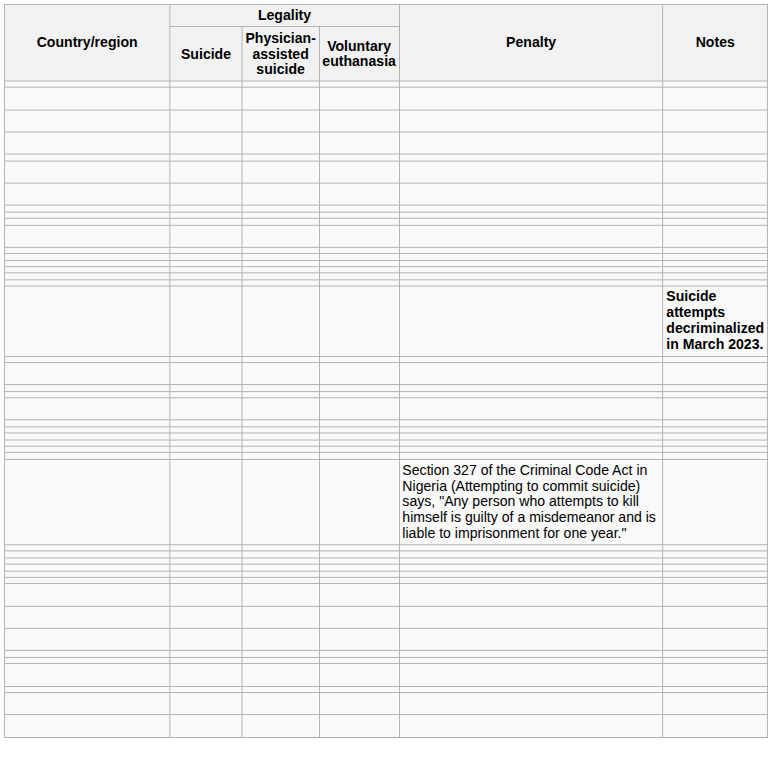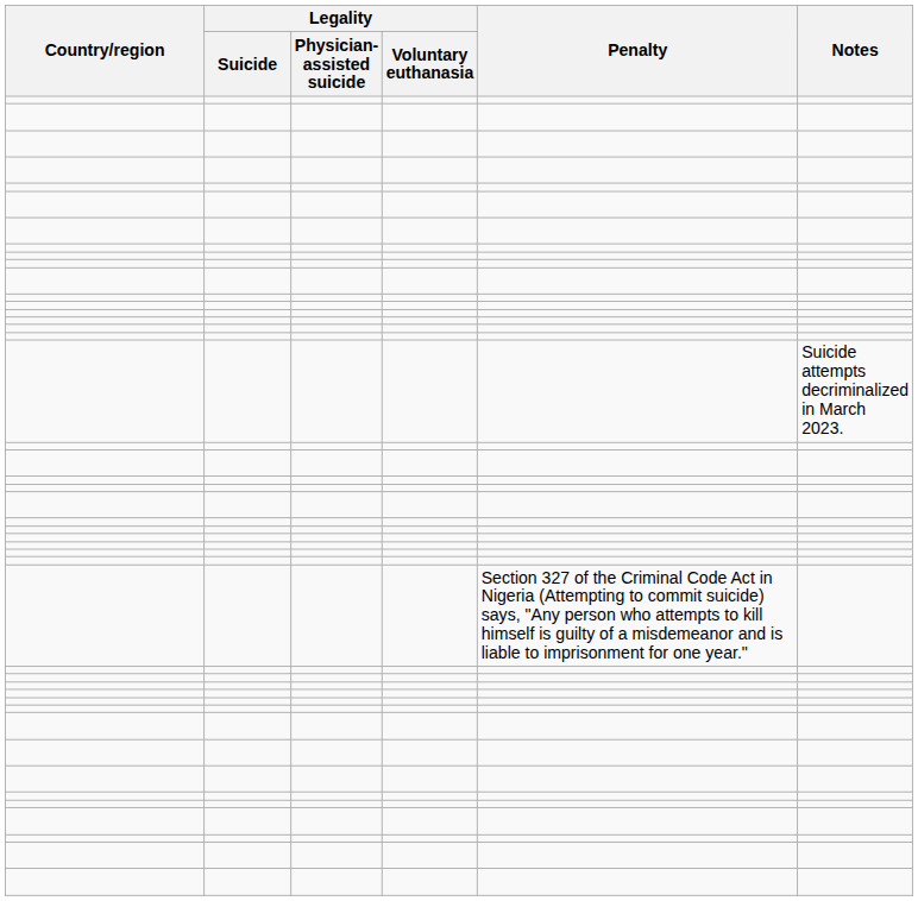 <table class="wikitable">
 <tr>
 <th rowspan=2 width=200pt>Country/region</th>
 <th colspan=3>Legality</th>
 <th rowspan=2 width=350pt>Penalty</th>
 <th rowspan=2>Notes</th>
 </tr>
 <tr>
 <th width=80pt>Suicide</th>
 <th width=80pt>Physician-assisted suicide</th>
 <th width=80pt>Voluntary euthanasia</th>
 </tr>
 <tr>
 <td></td>
 <td></td>
 <td></td>
 <td></td>
 <td></td>
 <td></td>
 </tr>
 <tr>
 <td></td>
 <td></td>
 <td></td>
 <td></td>
 <td><br></td>
 <td></td>
 </tr>
 <tr>
 <td></td>
 <td></td>
 <td></td>
 <td></td>
 <td><br> </td>
 <td></td>
 </tr>
 <tr>
 <td></td>
 <td></td>
 <td></td>
 <td></td>
 <td><br></td>
 <td></td>
 </tr>
 <tr>
 <td></td>
 <td></td>
 <td></td>
 <td></td>
 <td></td>
 <td></td>
 </tr>
 <tr>
 <td></td>
 <td></td>
 <td></td>
 <td></td>
 <td><br></td>
 <td></td>
 </tr>
 <tr>
 <td></td>
 <td></td>
 <td></td>
 <td></td>
 <td><br></td>
 <td></td>
 </tr>
 <tr>
 <td></td>
 <td></td>
 <td></td>
 <td></td>
 <td></td>
 <td></td>
 </tr>
 <tr>
 <td></td>
 <td></td>
 <td></td>
 <td></td>
 <td></td>
 <td></td>
 </tr>
 <tr>
 <td></td>
 <td></td>
 <td></td>
 <td></td>
 <td></td>
 <td></td>
 </tr>
 <tr>
 <td></td>
 <td></td>
 <td></td>
 <td></td>
 <td><br></td>
 <td></td>
 </tr>
 <tr>
 <td></td>
 <td></td>
 <td></td>
 <td></td>
 <td></td>
 <td></td>
 </tr>
 <tr>
 <td></td>
 <td></td>
 <td></td>
 <td></td>
 <td></td>
 <td></td>
 </tr>
 <tr>
 <td></td>
 <td></td>
 <td></td>
 <td></td>
 <td></td>
 <td></td>
 </tr>
 <tr>
 <td></td>
 <td></td>
 <td></td>
 <td></td>
 <td></td>
 <td></td>
 </tr>
 <tr>
 <td></td>
 <td></td>
 <td></td>
 <td></td>
 <td></td>
 <td></td>
 </tr>
 <tr>
 <td></td>
 <td></td>
 <td></td>
 <td></td>
 <td></td>
 <td></td>
 </tr>
 <tr>
 <td></td>
 <td></td>
 <td></td>
 <td></td>
 <td></td>
-<td><strong>Suicide attempts decriminalized in March 2023.</strong></td>
+<td>Suicide attempts decriminalized in March 2023.</td>
 </tr>
 <tr>
 <td></td>
 <td></td>
 <td></td>
 <td></td>
 <td></td>
 <td></td>
 </tr>
 <tr>
 <td></td>
 <td></td>
 <td></td>
 <td></td>
 <td><br>  </td>
 <td></td>
 </tr>
 <tr>
 <td></td>
 <td></td>
 <td></td>
 <td></td>
 <td></td>
 <td></td>
 </tr>
 <tr>
 <td></td>
 <td></td>
 <td></td>
 <td></td>
 <td></td>
 <td></td>
 </tr>
 <tr>
 <td></td>
 <td></td>
 <td></td>
 <td></td>
 <td><br></td>
 <td></td>
 </tr>
 <tr>
 <td></td>
 <td></td>
 <td></td>
 <td></td>
 <td></td>
 <td></td>
 </tr>
 <tr>
 <td></td>
 <td></td>
 <td></td>
 <td></td>
 <td></td>
 <td></td>
 </tr>
 <tr>
 <td></td>
 <td></td>
 <td></td>
 <td></td>
 <td></td>
 <td></td>
 </tr>
 <tr>
 <td></td>
 <td></td>
 <td></td>
 <td></td>
 <td></td>
 <td></td>
 </tr>
 <tr>
 <td></td>
 <td></td>
 <td></td>
 <td></td>
 <td></td>
 <td></td>
 </tr>
 <tr>
 <td></td>
 <td></td>
 <td></td>
 <td></td>
 <td></td>
 <td></td>
 </tr>
 <tr>
 <td></td>
 <td></td>
 <td></td>
 <td></td>
 <td>Section 327 of the Criminal Code Act in Nigeria (Attempting to commit suicide) says, "Any person who attempts to kill himself is guilty of a misdemeanor and is liable to imprisonment for one year."</td>
 <td></td>
 </tr>
 <tr>
 <td></td>
 <td></td>
 <td></td>
 <td></td>
 <td></td>
 <td></td>
 </tr>
 <tr>
 <td></td>
 <td></td>
 <td></td>
 <td></td>
 <td></td>
 <td></td>
 </tr>
 <tr>
 <td></td>
 <td></td>
 <td></td>
 <td></td>
 <td></td>
 <td></td>
 </tr>
 <tr>
 <td></td>
 <td></td>
 <td></td>
 <td></td>
 <td></td>
 <td></td>
 </tr>
 <tr>
 <td></td>
 <td></td>
 <td></td>
 <td></td>
 <td></td>
 <td></td>
 </tr>
 <tr>
 <td></td>
 <td></td>
 <td></td>
 <td></td>
 <td></td>
 <td></td>
 </tr>
 <tr>
 <td></td>
 <td></td>
 <td></td>
 <td></td>
 <td><br>  </td>
 <td></td>
 </tr>
 <tr>
 <td></td>
 <td></td>
 <td></td>
 <td></td>
 <td><br></td>
 <td></td>
 </tr>
 <tr>
 <td></td>
 <td></td>
 <td></td>
 <td></td>
 <td><br> </td>
 <td></td>
 </tr>
 <tr>
 <td></td>
 <td></td>
 <td></td>
 <td></td>
 <td></td>
 <td></td>
 </tr>
 <tr>
 <td></td>
 <td></td>
 <td></td>
 <td></td>
 <td></td>
 <td></td>
 </tr>
 <tr>
 <td></td>
 <td></td>
 <td></td>
 <td></td>
 <td><br>  </td>
 <td></td>
 </tr>
 <tr>
 <td></td>
 <td></td>
 <td></td>
 <td></td>
 <td></td>
 <td></td>
 </tr>
 <tr>
 <td></td>
 <td></td>
 <td></td>
 <td></td>
 <td><br></td>
 <td></td>
 </tr>
 <tr>
 <td></td>
 <td></td>
 <td></td>
 <td></td>
 <td><br></td>
 <td></td>
 </tr>
 </table>
